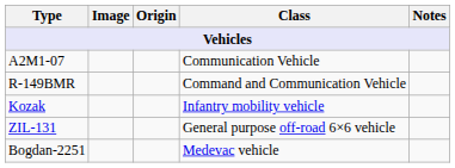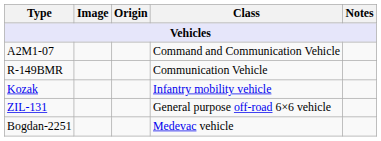 <table class="wikitable">
 <tr>
 <th>Type</th>
 <th>Image</th>
 <th>Origin</th>
 <th>Class</th>
 <th>Notes</th>
 </tr>
 <tr>
 <th colspan="6" style="align: center; background: lavender;">Vehicles</th>
 </tr>
 <tr>
 <td>A2M1-07</td>
 <td></td>
 <td></td>
-<td>Communication Vehicle</td>
+<td>Command and Communication Vehicle</td>
 <td></td>
 </tr>
 <tr>
 <td>R-149BMR</td>
 <td></td>
 <td></td>
-<td>Command and Communication Vehicle</td>
+<td>Communication Vehicle</td>
 <td></td>
 </tr>
 <tr>
 <td><a href='#'>Kozak</a></td>
 <td></td>
 <td></td>
 <td><a href='#'>Infantry mobility vehicle</a></td>
 <td></td>
 </tr>
 <tr>
 <td><a href='#'>ZIL-131</a></td>
 <td></td>
 <td></td>
 <td>General purpose <a href='#'>off-road</a> 6×6 vehicle</td>
 <td></td>
 </tr>
 <tr>
 <td>Bogdan-2251</td>
 <td></td>
 <td></td>
 <td><a href='#'>Medevac</a> vehicle</td>
 <td></td>
 </tr>
 </table>
